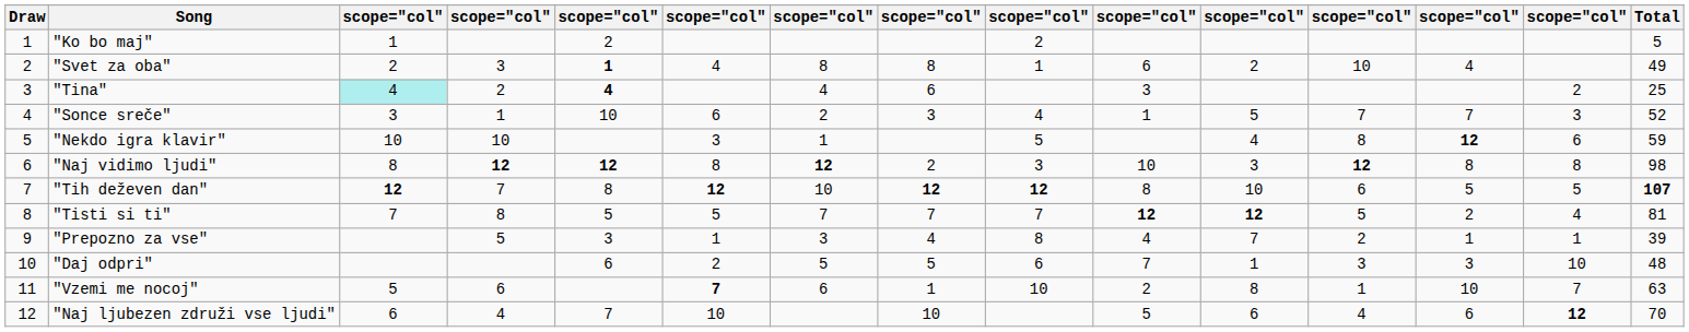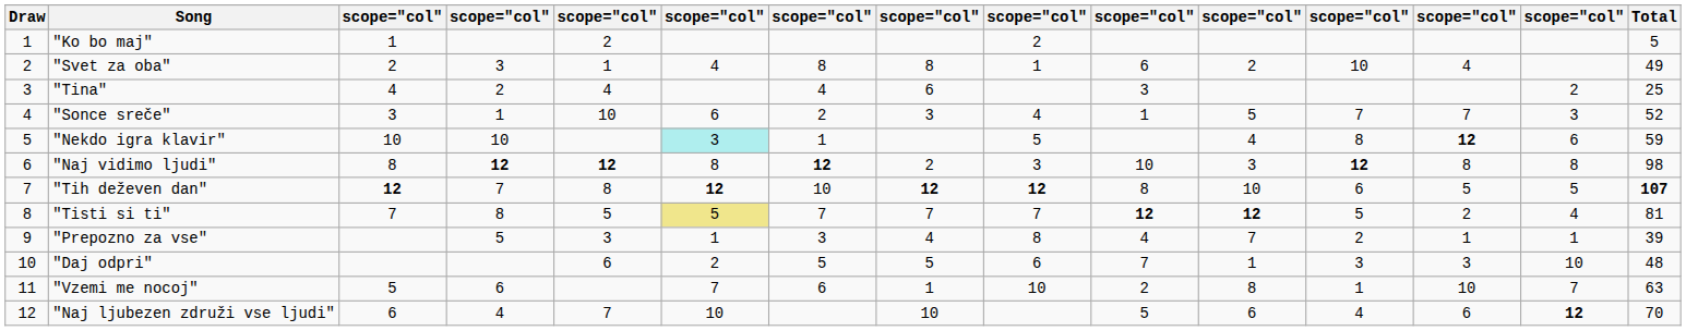 <table class="wikitable plainrowheaders" style="margin: 1em auto 1em auto; text-align:center;">
 <tr>
 </tr>
 <tr>
 <th scope="col">Draw</th>
 <th scope="col">Song</th>
 <th>scope="col" </th>
 <th>scope="col" </th>
 <th>scope="col" </th>
 <th>scope="col" </th>
 <th>scope="col" </th>
 <th>scope="col" </th>
 <th>scope="col" </th>
 <th>scope="col" </th>
 <th>scope="col" </th>
 <th>scope="col" </th>
 <th>scope="col" </th>
 <th>scope="col" </th>
 <th scope="col">Total</th>
 </tr>
 <tr --->
 <td>1</td>
 <td align="left">"Ko bo maj"</td>
 <td>1</td>
 <td></td>
 <td>2</td>
 <td></td>
 <td></td>
 <td></td>
 <td>2</td>
 <td></td>
 <td></td>
 <td></td>
 <td></td>
 <td></td>
 <td>5</td>
 </tr>
 <tr --->
 <td>2</td>
 <td align="left">"Svet za oba"</td>
 <td>2</td>
 <td>3</td>
-<td><strong>1</strong></td>
+<td>1</td>
 <td>4</td>
 <td>8</td>
 <td>8</td>
 <td>1</td>
 <td>6</td>
 <td>2</td>
 <td>10</td>
 <td>4</td>
 <td></td>
 <td>49</td>
 </tr>
 <tr --->
 <td>3</td>
 <td align="left">"Tina"</td>
-<td style="background: paleturquoise;">4</td>
+<td>4</td>
 <td>2</td>
-<td><strong>4</strong></td>
+<td>4</td>
 <td></td>
 <td>4</td>
 <td>6</td>
 <td></td>
 <td>3</td>
 <td></td>
 <td></td>
 <td></td>
 <td>2</td>
 <td>25</td>
 </tr>
 <tr --->
 <td>4</td>
 <td align="left">"Sonce sreče"</td>
 <td>3</td>
 <td>1</td>
 <td>10</td>
 <td>6</td>
 <td>2</td>
 <td>3</td>
 <td>4</td>
 <td>1</td>
 <td>5</td>
 <td>7</td>
 <td>7</td>
 <td>3</td>
 <td>52</td>
 </tr>
 <tr --->
 <td>5</td>
 <td align="left">"Nekdo igra klavir"</td>
 <td>10</td>
 <td>10</td>
 <td></td>
-<td>3</td>
+<td style="background: paleturquoise;">3</td>
 <td>1</td>
 <td></td>
 <td>5</td>
 <td></td>
 <td>4</td>
 <td>8</td>
 <td><strong>12</strong></td>
 <td>6</td>
 <td>59</td>
 </tr>
 <tr --->
 <td>6</td>
 <td align="left">"Naj vidimo ljudi"</td>
 <td>8</td>
 <td><strong>12</strong></td>
 <td><strong>12</strong></td>
 <td>8</td>
 <td><strong>12</strong></td>
 <td>2</td>
 <td>3</td>
 <td>10</td>
 <td>3</td>
 <td><strong>12</strong></td>
 <td>8</td>
 <td>8</td>
 <td>98</td>
 </tr>
 <tr --->
 <td>7</td>
 <td align="left">"Tih deževen dan"</td>
 <td><strong>12</strong></td>
 <td>7</td>
 <td>8</td>
 <td><strong>12</strong></td>
 <td>10</td>
 <td><strong>12</strong></td>
 <td><strong>12</strong></td>
 <td>8</td>
 <td>10</td>
 <td>6</td>
 <td>5</td>
 <td>5</td>
 <td><strong>107</strong></td>
 </tr>
 <tr --->
 <td>8</td>
 <td align="left">"Tisti si ti"</td>
 <td>7</td>
 <td>8</td>
 <td>5</td>
-<td>5</td>
+<td style="background: khaki;">5</td>
 <td>7</td>
 <td>7</td>
 <td>7</td>
 <td><strong>12</strong></td>
 <td><strong>12</strong></td>
 <td>5</td>
 <td>2</td>
 <td>4</td>
 <td>81</td>
 </tr>
 <tr --->
 <td>9</td>
 <td align="left">"Prepozno za vse"</td>
 <td></td>
 <td>5</td>
 <td>3</td>
 <td>1</td>
 <td>3</td>
 <td>4</td>
 <td>8</td>
 <td>4</td>
 <td>7</td>
 <td>2</td>
 <td>1</td>
 <td>1</td>
 <td>39</td>
 </tr>
 <tr --->
 <td>10</td>
 <td align="left">"Daj odpri"</td>
 <td></td>
 <td></td>
 <td>6</td>
 <td>2</td>
 <td>5</td>
 <td>5</td>
 <td>6</td>
 <td>7</td>
 <td>1</td>
 <td>3</td>
 <td>3</td>
 <td>10</td>
 <td>48</td>
 </tr>
 <tr --->
 <td>11</td>
 <td align="left">"Vzemi me nocoj"</td>
 <td>5</td>
 <td>6</td>
 <td></td>
-<td><strong>7</strong></td>
+<td>7</td>
 <td>6</td>
 <td>1</td>
 <td>10</td>
 <td>2</td>
 <td>8</td>
 <td>1</td>
 <td>10</td>
 <td>7</td>
 <td>63</td>
 </tr>
 <tr --->
 <td>12</td>
 <td align="left">"Naj ljubezen združi vse ljudi"</td>
 <td>6</td>
 <td>4</td>
 <td>7</td>
 <td>10</td>
 <td></td>
 <td>10</td>
 <td></td>
 <td>5</td>
 <td>6</td>
 <td>4</td>
 <td>6</td>
 <td><strong>12</strong></td>
 <td>70</td>
 </tr>
 </table>
